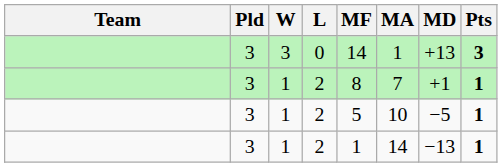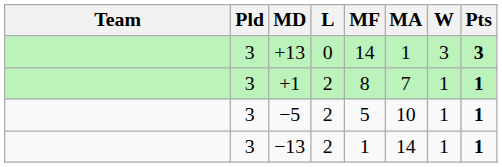 <table class="wikitable" style="text-align:center">
 <tr>
 <th width="175">Team</th>
 <th width="20">Pld</th>
-<th width="20">W</th>
+<th width="20">MD</th>
 <th width="20">L</th>
 <th width="20">MF</th>
 <th width="20">MA</th>
-<th width="20">MD</th>
+<th width="20">W</th>
 <th width="20">Pts</th>
 </tr>
 <tr bgcolor="bbf3bb">
 <td align="left"></td>
 <td>3</td>
-<td>3</td>
+<td>+13</td>
 <td>0</td>
 <td>14</td>
 <td>1</td>
-<td>+13</td>
+<td>3</td>
 <td><strong>3</strong></td>
 </tr>
 <tr bgcolor="bbf3bb">
 <td align="left"></td>
 <td>3</td>
-<td>1</td>
+<td>+1</td>
 <td>2</td>
 <td>8</td>
 <td>7</td>
-<td>+1</td>
+<td>1</td>
 <td><strong>1</strong></td>
 </tr>
 <tr>
 <td align="left"></td>
 <td>3</td>
-<td>1</td>
+<td>−5</td>
 <td>2</td>
 <td>5</td>
 <td>10</td>
-<td>−5</td>
+<td>1</td>
 <td><strong>1</strong></td>
 </tr>
 <tr>
 <td align="left"></td>
 <td>3</td>
-<td>1</td>
+<td>−13</td>
 <td>2</td>
 <td>1</td>
 <td>14</td>
-<td>−13</td>
+<td>1</td>
 <td><strong>1</strong></td>
 </tr>
 </table>
